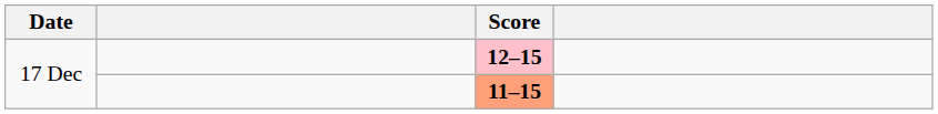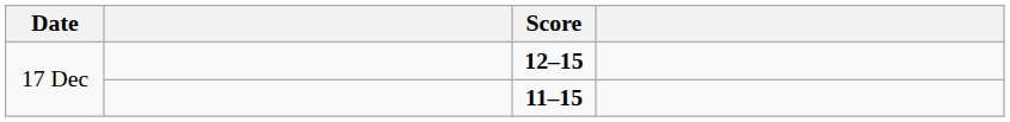 <table class="wikitable" style="text-align: center;">
 <tr>
 <th width="60">Date</th>
 <th align="right" width="270"></th>
 <th width="50">Score</th>
 <th align="left" width="270"></th>
 </tr>
 <tr>
 <td rowspan=2>17 Dec</td>
 <td align=left></td>
-<td align=center style="background: pink;"><strong>12–15</strong></td>
+<td align=center><strong>12–15</strong></td>
 <td align=left><strong></strong></td>
 </tr>
 <tr>
 <td align=left></td>
-<td align=center style="background: lightsalmon;"><strong>11–15</strong></td>
+<td align=center><strong>11–15</strong></td>
 <td align=left><strong></strong></td>
 </tr>
 </table>
